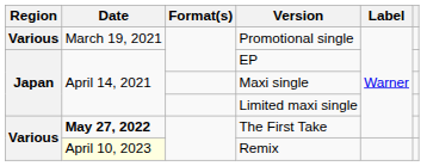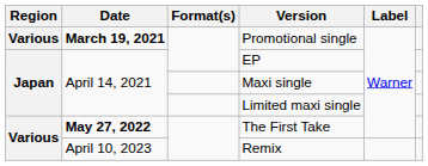 <table class="wikitable plainrowheaders">
 <tr>
 <th scope="col">Region</th>
 <th scope="col">Date</th>
 <th scope="col">Format(s)</th>
 <th scope="col">Version</th>
 <th scope="col">Label</th>
 <th scope="col"></th>
 </tr>
 <tr>
 <th scope="row">Various</th>
-<td>March 19, 2021</td>
+<td><strong>March 19, 2021</strong></td>
 <td rowspan="2"></td>
 <td>Promotional single</td>
 <td rowspan="5"><a href='#'>Warner</a></td>
 <td align="center"></td>
 </tr>
 <tr>
 <th scope="row" rowspan="3">Japan</th>
 <td rowspan="3">April 14, 2021</td>
 <td>EP</td>
 <td align="center"></td>
 </tr>
 <tr>
 <td></td>
 <td>Maxi single</td>
 <td align="center"></td>
 </tr>
 <tr>
 <td></td>
 <td>Limited maxi single</td>
 <td align="center"></td>
 </tr>
 <tr>
 <th scope="row" rowspan="2">Various</th>
 <td><strong>May 27, 2022</strong></td>
 <td rowspan="2"></td>
 <td>The First Take</td>
 <td align="center"></td>
 </tr>
 <tr>
-<td style="background: lightyellow;">April 10, 2023</td>
+<td>April 10, 2023</td>
 <td>Remix</td>
 <td></td>
 <td align="center"></td>
 </tr>
 </table>
